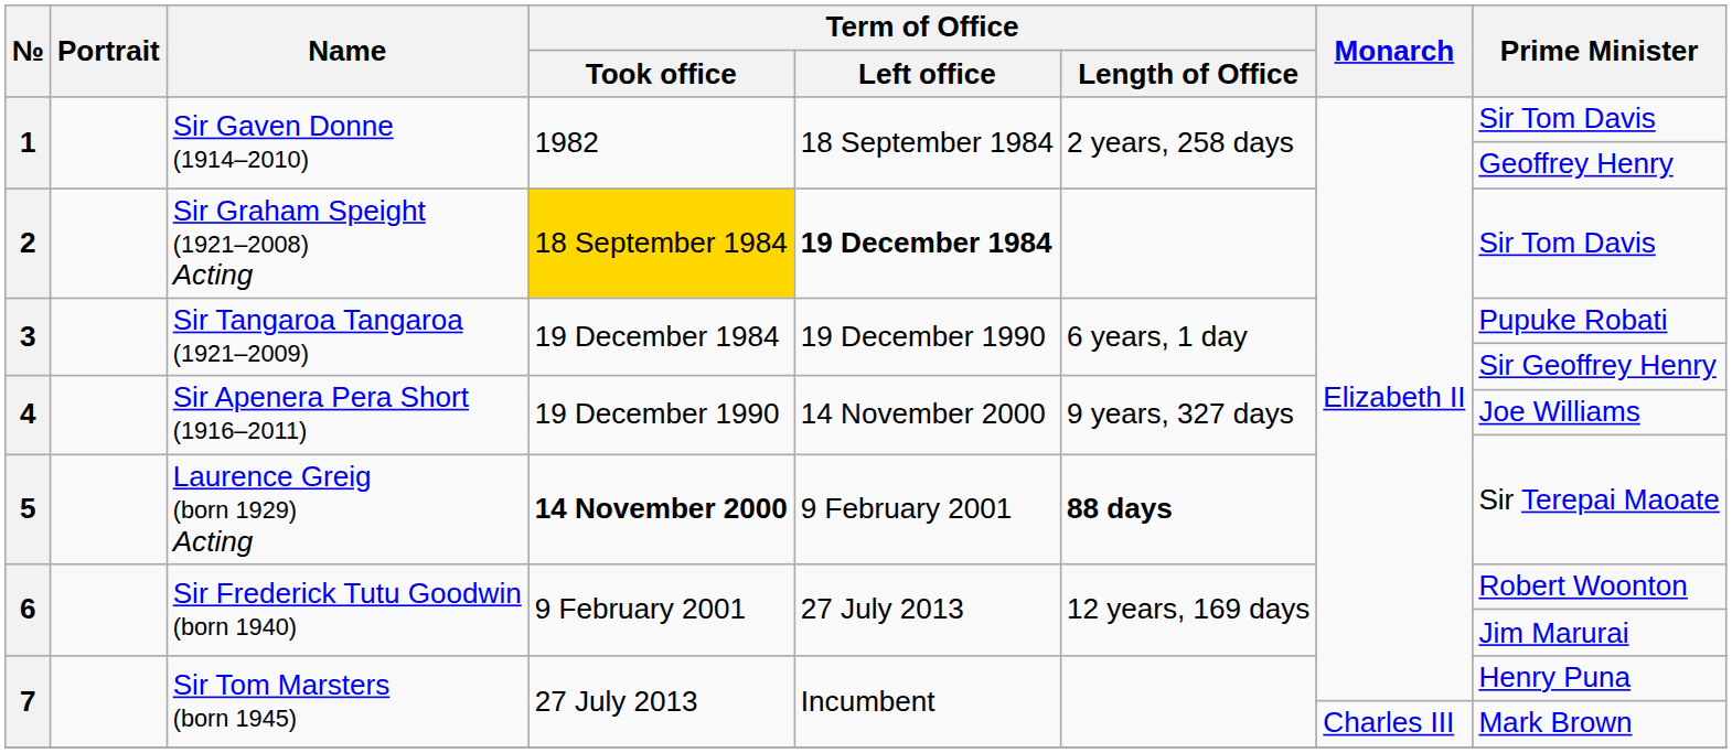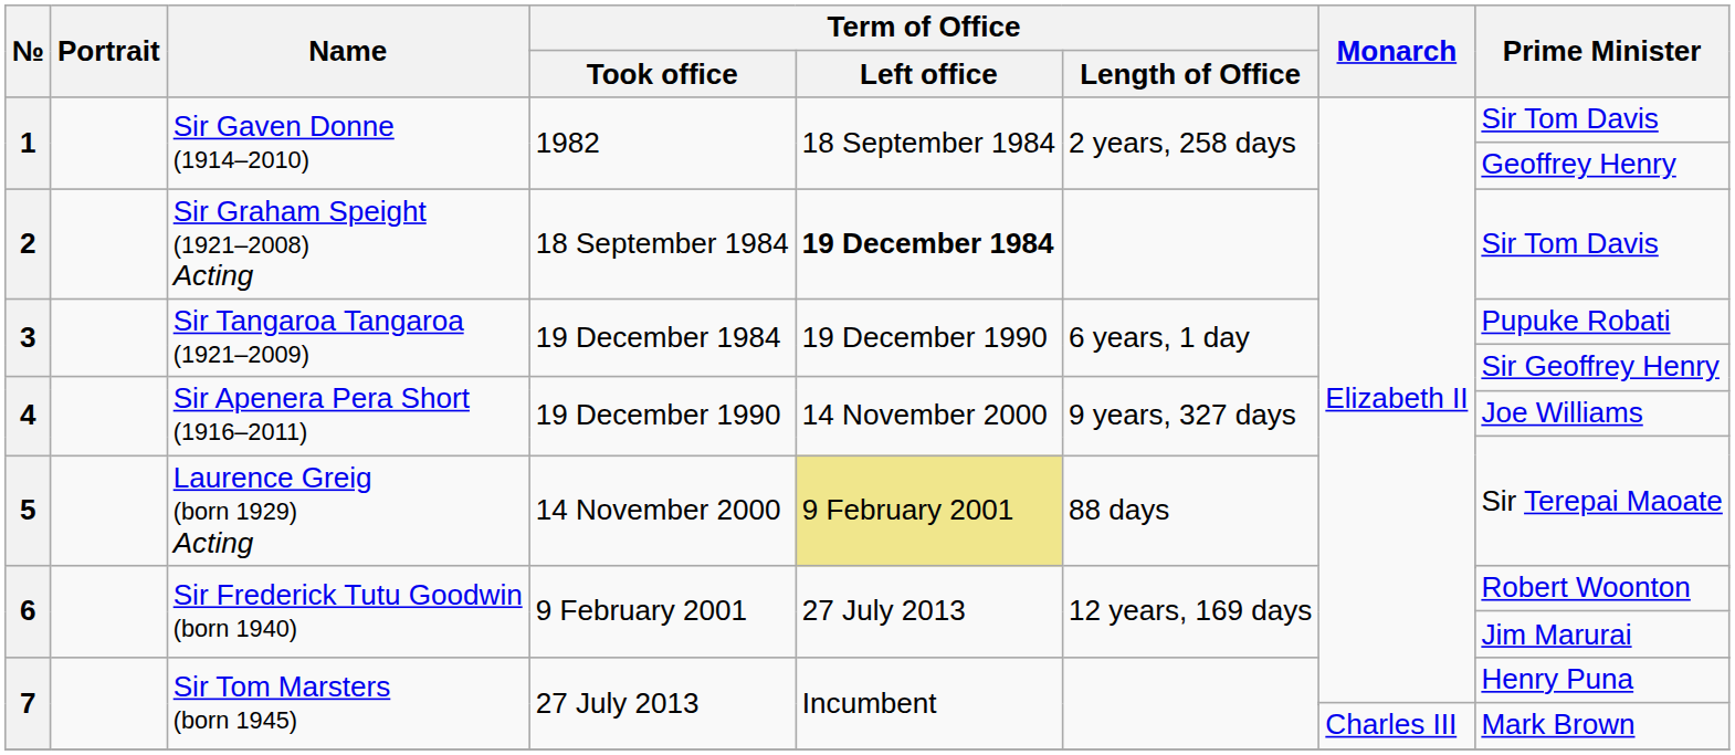 <table class="wikitable">
 <tr>
 <th rowspan="2">№</th>
 <th rowspan="2">Portrait</th>
 <th rowspan="2">Name</th>
 <th colspan="3">Term of Office</th>
 <th rowspan="2"><a href='#'>Monarch</a></th>
 <th rowspan="2">Prime Minister</th>
 </tr>
 <tr>
 <th scope="col">Took office</th>
 <th scope="col">Left office</th>
 <th>Length of Office</th>
 </tr>
 <tr>
 <th rowspan="3">1</th>
 <td rowspan="3"></td>
 <td rowspan="3"><a href='#'>Sir Gaven Donne</a><br><small>(1914–2010)</small></td>
 <td rowspan="3">1982</td>
 <td rowspan="3">18 September 1984</td>
 <td rowspan="3">2 years, 258 days</td>
 <td rowspan="17"><a href='#'>Elizabeth II</a></td>
 <td><a href='#'>Sir Tom Davis</a></td>
 </tr>
 <tr>
 <td><a href='#'>Geoffrey Henry</a></td>
 </tr>
 <tr>
 <td rowspan="3"><a href='#'>Sir Tom Davis</a></td>
 </tr>
 <tr>
 <th>2</th>
 <td></td>
 <td><a href='#'>Sir Graham Speight</a><br><small>(1921–2008)</small><br><em>Acting</em></td>
-<td style="background: gold;">18 September 1984</td>
+<td>18 September 1984</td>
 <td><strong>19 December 1984</strong></td>
 <td></td>
 </tr>
 <tr>
 <th rowspan="3">3</th>
 <td rowspan="3"></td>
 <td rowspan="3"><a href='#'>Sir Tangaroa Tangaroa</a><br><small>(1921–2009)</small></td>
 <td rowspan="3">19 December 1984</td>
 <td rowspan="3">19 December 1990</td>
 <td rowspan="3">6 years, 1 day</td>
 </tr>
 <tr>
 <td><a href='#'>Pupuke Robati</a></td>
 </tr>
 <tr>
 <td rowspan="2"><a href='#'>Sir Geoffrey Henry</a></td>
 </tr>
 <tr>
 <th rowspan="3">4</th>
 <td rowspan="3"></td>
 <td rowspan="3"><a href='#'>Sir Apenera Pera Short</a><br><small>(1916–2011)</small></td>
 <td rowspan="3">19 December 1990</td>
 <td rowspan="3">14 November 2000</td>
 <td rowspan="3">9 years, 327 days</td>
 </tr>
 <tr>
 <td><a href='#'>Joe Williams</a></td>
 </tr>
 <tr>
 <td rowspan="3">Sir <a href='#'>Terepai Maoate</a></td>
 </tr>
 <tr>
 <th>5</th>
 <td></td>
 <td><a href='#'>Laurence Greig</a><br><small>(born 1929)</small><br><em>Acting</em></td>
-<td><strong>14 November 2000</strong></td>
-<td>9 February 2001</td>
-<td><strong>88 days</strong></td>
+<td>14 November 2000</td>
+<td style="background: khaki;">9 February 2001</td>
+<td>88 days</td>
 </tr>
 <tr>
 <th rowspan="4">6</th>
 <td rowspan="4"></td>
 <td rowspan="4"><a href='#'>Sir Frederick Tutu Goodwin</a><br><small>(born 1940)</small><br></td>
 <td rowspan="4">9 February 2001</td>
 <td rowspan="4">27 July 2013</td>
 <td rowspan="4">12 years, 169 days</td>
 </tr>
 <tr>
 <td><a href='#'>Robert Woonton</a></td>
 </tr>
 <tr>
 <td><a href='#'>Jim Marurai</a></td>
 </tr>
 <tr>
 <td rowspan="2"><a href='#'>Henry Puna</a></td>
 </tr>
 <tr>
 <th rowspan="3">7</th>
 <td rowspan="3"></td>
 <td rowspan="3"><a href='#'>Sir Tom Marsters</a><br><small>(born 1945)</small></td>
 <td rowspan="3">27 July 2013</td>
 <td rowspan="3">Incumbent</td>
 <td rowspan="3"></td>
 </tr>
 <tr>
 <td rowspan="2"><a href='#'>Mark Brown</a></td>
 </tr>
 <tr>
 <td><a href='#'>Charles III</a></td>
 </tr>
 <tr>
 </tr>
 </table>
